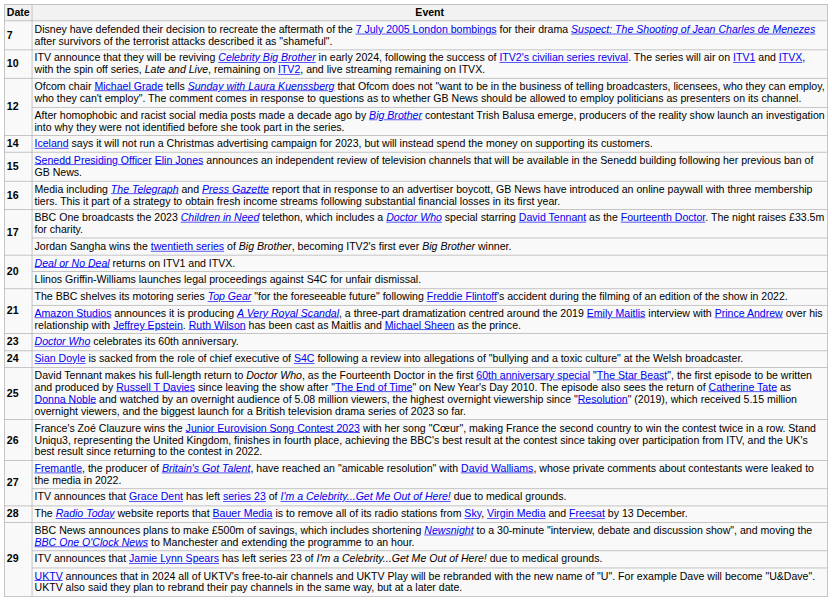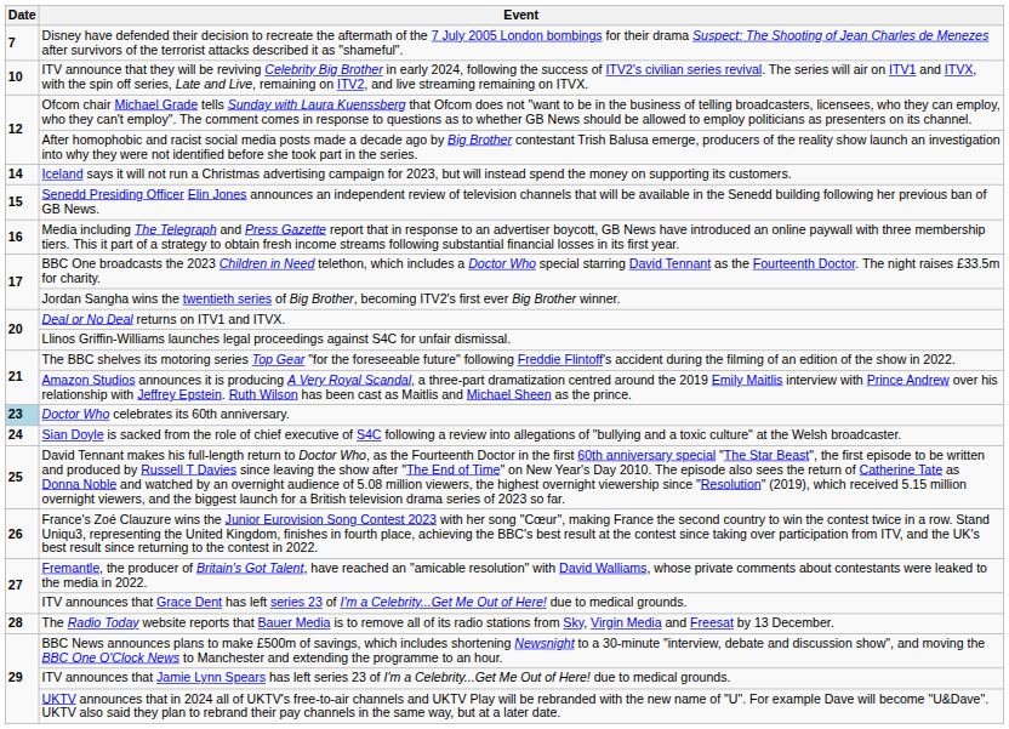 <table class="wikitable">
 <tr>
 <th>Date</th>
 <th>Event</th>
 </tr>
 <tr>
 <td><strong>7</strong></td>
 <td>Disney have defended their decision to recreate the aftermath of the <a href='#'>7 July 2005 London bombings</a> for their drama <em><a href='#'>Suspect: The Shooting of Jean Charles de Menezes</a></em> after survivors of the terrorist attacks described it as "shameful".</td>
 </tr>
 <tr>
 <td><strong>10</strong></td>
 <td>ITV announce that they will be reviving <em><a href='#'>Celebrity Big Brother</a></em> in early 2024, following the success of <a href='#'>ITV2's civilian series revival</a>. The series will air on <a href='#'>ITV1</a> and <a href='#'>ITVX</a>, with the spin off series, <em>Late and Live</em>, remaining on <a href='#'>ITV2</a>, and live streaming remaining on ITVX.</td>
 </tr>
 <tr>
 <td rowspan=2><strong>12</strong></td>
 <td>Ofcom chair <a href='#'>Michael Grade</a> tells <em><a href='#'>Sunday with Laura Kuenssberg</a></em> that Ofcom does not "want to be in the business of telling broadcasters, licensees, who they can employ, who they can't employ". The comment comes in response to questions as to whether GB News should be allowed to employ politicians as presenters on its channel.</td>
 </tr>
 <tr>
 <td>After homophobic and racist social media posts made a decade ago by <em><a href='#'>Big Brother</a></em> contestant Trish Balusa emerge, producers of the reality show launch an investigation into why they were not identified before she took part in the series.</td>
 </tr>
 <tr>
 <td><strong>14</strong></td>
 <td><a href='#'>Iceland</a> says it will not run a Christmas advertising campaign for 2023, but will instead spend the money on supporting its customers.</td>
 </tr>
 <tr>
 <td><strong>15</strong></td>
 <td><a href='#'>Senedd Presiding Officer</a> <a href='#'>Elin Jones</a> announces an independent review of television channels that will be available in the Senedd building following her previous ban of GB News.</td>
 </tr>
 <tr>
 <td><strong>16</strong></td>
 <td>Media including <em><a href='#'>The Telegraph</a></em> and <em><a href='#'>Press Gazette</a></em> report that in response to an advertiser boycott, GB News have introduced an online paywall with three membership tiers. This it part of a strategy to obtain fresh income streams following substantial financial losses in its first year.</td>
 </tr>
 <tr>
 <td rowspan=2><strong>17</strong></td>
 <td>BBC One broadcasts the 2023 <em><a href='#'>Children in Need</a></em> telethon, which includes a <em><a href='#'>Doctor Who</a></em> special starring <a href='#'>David Tennant</a> as the <a href='#'>Fourteenth Doctor</a>. The night raises £33.5m for charity.</td>
 </tr>
 <tr>
 <td>Jordan Sangha wins the <a href='#'>twentieth series</a> of <em>Big Brother</em>, becoming ITV2's first ever <em>Big Brother</em> winner.</td>
 </tr>
 <tr>
 <td rowspan=2><strong>20</strong></td>
 <td><em><a href='#'>Deal or No Deal</a></em> returns on ITV1 and ITVX.</td>
 </tr>
 <tr>
 <td>Llinos Griffin-Williams launches legal proceedings against S4C for unfair dismissal.</td>
 </tr>
 <tr>
 <td rowspan=2><strong>21</strong></td>
 <td>The BBC shelves its motoring series <em><a href='#'>Top Gear</a></em> "for the foreseeable future" following <a href='#'>Freddie Flintoff</a>'s accident during the filming of an edition of the show in 2022.</td>
 </tr>
 <tr>
 <td><a href='#'>Amazon Studios</a> announces it is producing <em><a href='#'>A Very Royal Scandal</a></em>, a three-part dramatization centred around the 2019 <a href='#'>Emily Maitlis</a> interview with <a href='#'>Prince Andrew</a> over his relationship with <a href='#'>Jeffrey Epstein</a>. <a href='#'>Ruth Wilson</a> has been cast as Maitlis and <a href='#'>Michael Sheen</a> as the prince.</td>
 </tr>
 <tr>
-<td><strong>23 </strong></td>
+<td style="background: lightblue;"><strong>23 </strong></td>
 <td><em><a href='#'>Doctor Who</a></em> celebrates its 60th anniversary.</td>
 </tr>
 <tr>
 <td><strong>24</strong></td>
 <td><a href='#'>Sian Doyle</a> is sacked from the role of chief executive of <a href='#'>S4C</a> following a review into allegations of "bullying and a toxic culture" at the Welsh broadcaster.</td>
 </tr>
 <tr>
 <td><strong>25</strong></td>
 <td>David Tennant makes his full-length return to <em>Doctor Who</em>, as the Fourteenth Doctor in the first <a href='#'>60th anniversary special</a> "<a href='#'>The Star Beast</a>", the first episode to be written and produced by <a href='#'>Russell T Davies</a> since leaving the show after "<a href='#'>The End of Time</a>" on New Year's Day 2010. The episode also sees the return of <a href='#'>Catherine Tate</a> as <a href='#'>Donna Noble</a> and watched by an overnight audience of 5.08 million viewers, the highest overnight viewership since "<a href='#'>Resolution</a>" (2019), which received 5.15 million overnight viewers, and the biggest launch for a British television drama series of 2023 so far.</td>
 </tr>
 <tr>
 <td><strong>26</strong></td>
 <td>France's Zoé Clauzure wins the <a href='#'>Junior Eurovision Song Contest 2023</a> with her song "Cœur", making France the second country to win the contest twice in a row. Stand Uniqu3, representing the United Kingdom, finishes in fourth place, achieving the BBC's best result at the contest since taking over participation from ITV, and the UK's best result since returning to the contest in 2022.</td>
 </tr>
 <tr>
 <td rowspan="2"><strong>27</strong></td>
 <td><a href='#'>Fremantle</a>, the producer of <em><a href='#'>Britain's Got Talent</a></em>, have reached an "amicable resolution" with <a href='#'>David Walliams</a>, whose private comments about contestants were leaked to the media in 2022.</td>
 </tr>
 <tr>
 <td>ITV announces that <a href='#'>Grace Dent</a> has left <a href='#'>series 23</a> of <em><a href='#'>I'm a Celebrity...Get Me Out of Here!</a></em> due to medical grounds.</td>
 </tr>
 <tr>
 <td><strong>28</strong></td>
 <td>The <em><a href='#'>Radio Today</a></em> website reports that <a href='#'>Bauer Media</a> is to remove all of its radio stations from <a href='#'>Sky</a>, <a href='#'>Virgin Media</a> and <a href='#'>Freesat</a> by 13 December.</td>
 </tr>
 <tr>
 <td rowspan=3><strong>29</strong></td>
 <td>BBC News announces plans to make £500m of savings, which includes shortening <em><a href='#'>Newsnight</a></em> to a 30-minute "interview, debate and discussion show", and moving the <em><a href='#'>BBC One O'Clock News</a></em> to Manchester and extending the programme to an hour.</td>
 </tr>
 <tr>
 <td>ITV announces that <a href='#'>Jamie Lynn Spears</a> has left series 23 of <em>I'm a Celebrity...Get Me Out of Here!</em> due to medical grounds.</td>
 </tr>
 <tr>
 <td><a href='#'>UKTV</a> announces that in 2024 all of UKTV's free-to-air channels and UKTV Play will be rebranded with the new name of "U". For example Dave will become "U&Dave". UKTV also said they plan to rebrand their pay channels in the same way, but at a later date.</td>
 </tr>
 </table>
